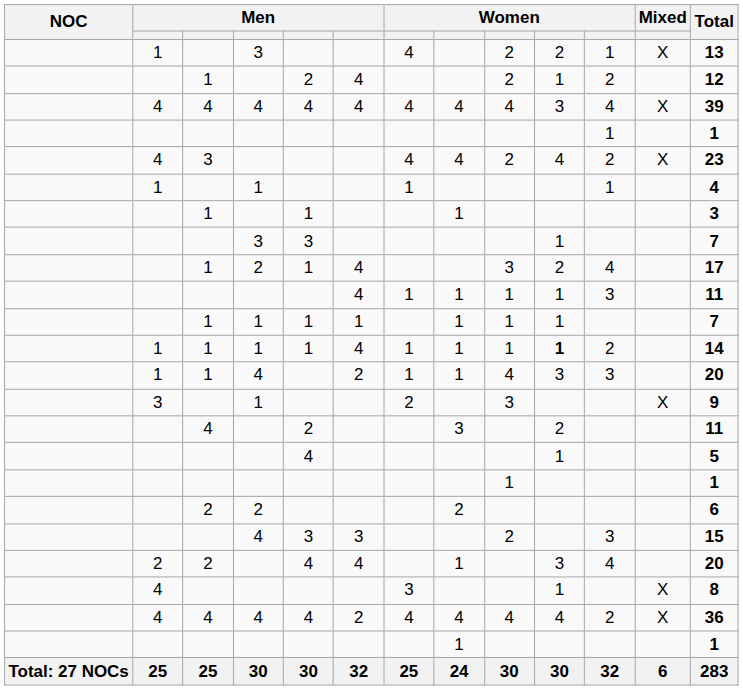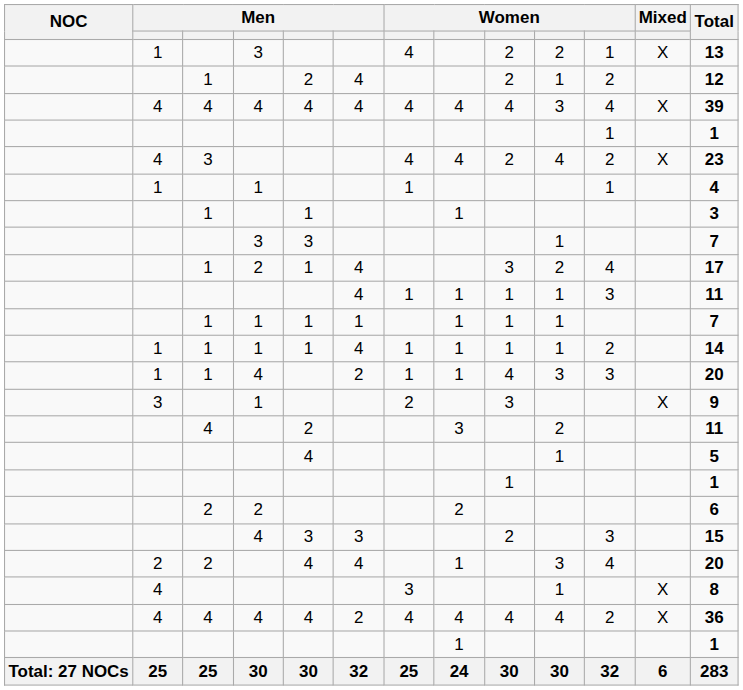 <table class="wikitable sortable" style="text-align:center;">
 <tr>
 <th rowspan="2" align="center">NOC</th>
 <th colspan="5">Men</th>
 <th colspan="5">Women</th>
 <th>Mixed</th>
 <th rowspan="2">Total</th>
 </tr>
 <tr>
 <th width="40"></th>
 <th width="40"></th>
 <th width="40"></th>
 <th width="40"></th>
 <th width="40"></th>
 <th width="40"></th>
 <th width="40"></th>
 <th width="40"></th>
 <th width="40"></th>
 <th width="40"></th>
 <th width="40"></th>
 </tr>
 <tr>
 <td align="left"></td>
 <td>1</td>
 <td></td>
 <td>3</td>
 <td></td>
 <td></td>
 <td>4</td>
 <td></td>
 <td>2</td>
 <td>2</td>
 <td>1</td>
 <td>X</td>
 <td><strong>13</strong></td>
 </tr>
 <tr>
 <td align="left"></td>
 <td></td>
 <td>1</td>
 <td></td>
 <td>2</td>
 <td>4</td>
 <td></td>
 <td></td>
 <td>2</td>
 <td>1</td>
 <td>2</td>
 <td></td>
 <td><strong>12</strong></td>
 </tr>
 <tr>
 <td align="left"></td>
 <td>4</td>
 <td>4</td>
 <td>4</td>
 <td>4</td>
 <td>4</td>
 <td>4</td>
 <td>4</td>
 <td>4</td>
 <td>3</td>
 <td>4</td>
 <td>X</td>
 <td><strong>39</strong></td>
 </tr>
 <tr>
 <td align="left"></td>
 <td></td>
 <td></td>
 <td></td>
 <td></td>
 <td></td>
 <td></td>
 <td></td>
 <td></td>
 <td></td>
 <td>1</td>
 <td></td>
 <td><strong>1</strong></td>
 </tr>
 <tr>
 <td align="left"></td>
 <td>4</td>
 <td>3</td>
 <td></td>
 <td></td>
 <td></td>
 <td>4</td>
 <td>4</td>
 <td>2</td>
 <td>4</td>
 <td>2</td>
 <td>X</td>
 <td><strong>23</strong></td>
 </tr>
 <tr>
 <td align="left"></td>
 <td>1</td>
 <td></td>
 <td>1</td>
 <td></td>
 <td></td>
 <td>1</td>
 <td></td>
 <td></td>
 <td></td>
 <td>1</td>
 <td></td>
 <td><strong>4</strong></td>
 </tr>
 <tr>
 <td align="left"></td>
 <td></td>
 <td>1</td>
 <td></td>
 <td>1</td>
 <td></td>
 <td></td>
 <td>1</td>
 <td></td>
 <td></td>
 <td></td>
 <td></td>
 <td><strong>3</strong></td>
 </tr>
 <tr>
 <td align="left"></td>
 <td></td>
 <td></td>
 <td>3</td>
 <td>3</td>
 <td></td>
 <td></td>
 <td></td>
 <td></td>
 <td>1</td>
 <td></td>
 <td></td>
 <td><strong>7</strong></td>
 </tr>
 <tr>
 <td align="left"></td>
 <td></td>
 <td>1</td>
 <td>2</td>
 <td>1</td>
 <td>4</td>
 <td></td>
 <td></td>
 <td>3</td>
 <td>2</td>
 <td>4</td>
 <td></td>
 <td><strong>17</strong></td>
 </tr>
 <tr>
 <td align="left"></td>
 <td></td>
 <td></td>
 <td></td>
 <td></td>
 <td>4</td>
 <td>1</td>
 <td>1</td>
 <td>1</td>
 <td>1</td>
 <td>3</td>
 <td></td>
 <td><strong>11</strong></td>
 </tr>
 <tr>
 <td align="left"></td>
 <td></td>
 <td>1</td>
 <td>1</td>
 <td>1</td>
 <td>1</td>
 <td></td>
 <td>1</td>
 <td>1</td>
 <td>1</td>
 <td></td>
 <td></td>
 <td><strong>7</strong></td>
 </tr>
 <tr>
 <td align="left"></td>
 <td>1</td>
 <td>1</td>
 <td>1</td>
 <td>1</td>
 <td>4</td>
 <td>1</td>
 <td>1</td>
 <td>1</td>
-<td><strong>1</strong></td>
+<td>1</td>
 <td>2</td>
 <td></td>
 <td><strong>14</strong></td>
 </tr>
 <tr>
 <td align="left"></td>
 <td>1</td>
 <td>1</td>
 <td>4</td>
 <td></td>
 <td>2</td>
 <td>1</td>
 <td>1</td>
 <td>4</td>
 <td>3</td>
 <td>3</td>
 <td></td>
 <td><strong>20</strong></td>
 </tr>
 <tr>
 <td align="left"></td>
 <td>3</td>
 <td></td>
 <td>1</td>
 <td></td>
 <td></td>
 <td>2</td>
 <td></td>
 <td>3</td>
 <td></td>
 <td></td>
 <td>X</td>
 <td><strong>9</strong></td>
 </tr>
 <tr>
 <td align="left"></td>
 <td></td>
 <td>4</td>
 <td></td>
 <td>2</td>
 <td></td>
 <td></td>
 <td>3</td>
 <td></td>
 <td>2</td>
 <td></td>
 <td></td>
 <td><strong>11</strong></td>
 </tr>
 <tr>
 <td align="left"></td>
 <td></td>
 <td></td>
 <td></td>
 <td>4</td>
 <td></td>
 <td></td>
 <td></td>
 <td></td>
 <td>1</td>
 <td></td>
 <td></td>
 <td><strong>5</strong></td>
 </tr>
 <tr>
 <td align="left"></td>
 <td></td>
 <td></td>
 <td></td>
 <td></td>
 <td></td>
 <td></td>
 <td></td>
 <td>1</td>
 <td></td>
 <td></td>
 <td></td>
 <td><strong>1</strong></td>
 </tr>
 <tr>
 <td align="left"></td>
 <td></td>
 <td>2</td>
 <td>2</td>
 <td></td>
 <td></td>
 <td></td>
 <td>2</td>
 <td></td>
 <td></td>
 <td></td>
 <td></td>
 <td><strong>6</strong></td>
 </tr>
 <tr>
 <td align="left"></td>
 <td></td>
 <td></td>
 <td>4</td>
 <td>3</td>
 <td>3</td>
 <td></td>
 <td></td>
 <td>2</td>
 <td></td>
 <td>3</td>
 <td></td>
 <td><strong>15</strong></td>
 </tr>
 <tr>
 <td align="left"></td>
 <td>2</td>
 <td>2</td>
 <td></td>
 <td>4</td>
 <td>4</td>
 <td></td>
 <td>1</td>
 <td></td>
 <td>3</td>
 <td>4</td>
 <td></td>
 <td><strong>20</strong></td>
 </tr>
 <tr>
 <td align="left"></td>
 <td>4</td>
 <td></td>
 <td></td>
 <td></td>
 <td></td>
 <td>3</td>
 <td></td>
 <td></td>
 <td>1</td>
 <td></td>
 <td>X</td>
 <td><strong>8</strong></td>
 </tr>
 <tr>
 <td align="left"></td>
 <td>4</td>
 <td>4</td>
 <td>4</td>
 <td>4</td>
 <td>2</td>
 <td>4</td>
 <td>4</td>
 <td>4</td>
 <td>4</td>
 <td>2</td>
 <td>X</td>
 <td><strong>36</strong></td>
 </tr>
 <tr>
 <td align="left"></td>
 <td></td>
 <td></td>
 <td></td>
 <td></td>
 <td></td>
 <td></td>
 <td>1</td>
 <td></td>
 <td></td>
 <td></td>
 <td></td>
 <td><strong>1</strong></td>
 </tr>
 <tr>
 <th>Total: 27 NOCs</th>
 <th>25</th>
 <th>25</th>
 <th>30</th>
 <th>30</th>
 <th>32</th>
 <th>25</th>
 <th>24</th>
 <th>30</th>
 <th>30</th>
 <th>32</th>
 <th>6</th>
 <th>283</th>
 </tr>
 </table>
